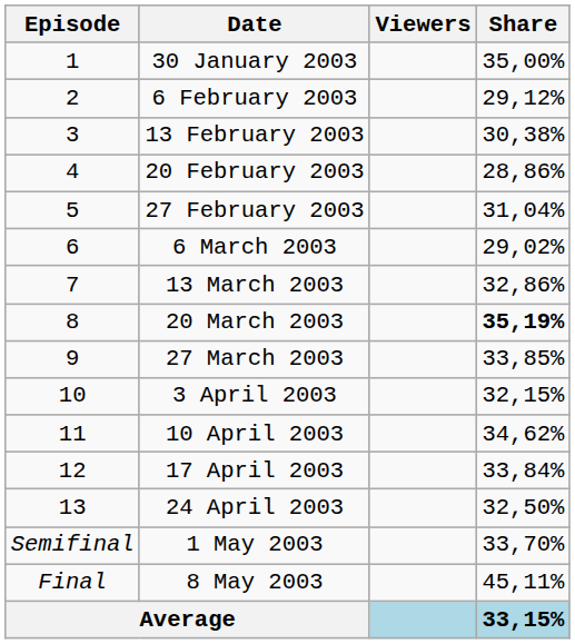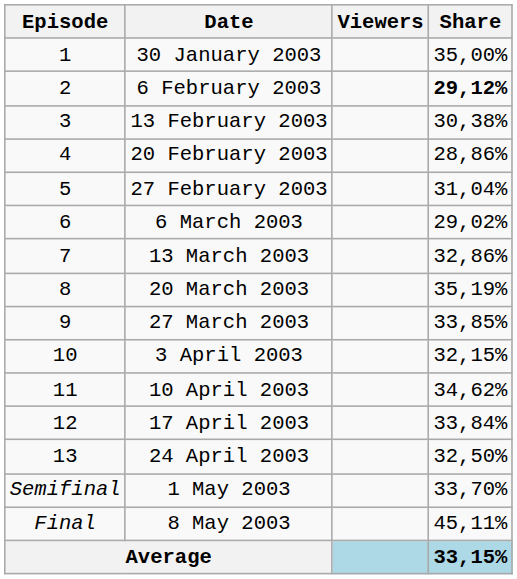 <table class="wikitable" style="text-align:center">
 <tr>
 <th>Episode</th>
 <th>Date</th>
 <th>Viewers</th>
 <th>Share</th>
 </tr>
 <tr>
 <td>1</td>
 <td>30 January 2003</td>
 <td></td>
 <td>35,00%</td>
 </tr>
 <tr>
 <td>2</td>
 <td>6 February 2003</td>
 <td></td>
-<td>29,12%</td>
+<td><strong>29,12%</strong></td>
 </tr>
 <tr>
 <td>3</td>
 <td>13 February 2003</td>
 <td></td>
 <td>30,38%</td>
 </tr>
 <tr>
 <td>4</td>
 <td>20 February 2003</td>
 <td></td>
 <td>28,86%</td>
 </tr>
 <tr>
 <td>5</td>
 <td>27 February 2003</td>
 <td></td>
 <td>31,04%</td>
 </tr>
 <tr>
 <td>6</td>
 <td>6 March 2003</td>
 <td></td>
 <td>29,02%</td>
 </tr>
 <tr>
 <td>7</td>
 <td>13 March 2003</td>
 <td></td>
 <td>32,86%</td>
 </tr>
 <tr>
 <td>8</td>
 <td>20 March 2003</td>
 <td></td>
-<td><strong>35,19%</strong></td>
+<td>35,19%</td>
 </tr>
 <tr>
 <td>9</td>
 <td>27 March 2003</td>
 <td></td>
 <td>33,85%</td>
 </tr>
 <tr>
 <td>10</td>
 <td>3 April 2003</td>
 <td></td>
 <td>32,15%</td>
 </tr>
 <tr>
 <td>11</td>
 <td>10 April 2003</td>
 <td></td>
 <td>34,62%</td>
 </tr>
 <tr>
 <td>12</td>
 <td>17 April 2003</td>
 <td></td>
 <td>33,84%</td>
 </tr>
 <tr>
 <td>13</td>
 <td>24 April 2003</td>
 <td></td>
 <td>32,50%</td>
 </tr>
 <tr>
 <td><em>Semifinal</em></td>
 <td>1 May 2003</td>
 <td></td>
 <td>33,70%</td>
 </tr>
 <tr>
 <td><em>Final</em></td>
 <td>8 May 2003</td>
 <td></td>
 <td>45,11%</td>
 </tr>
 <tr>
 <th colspan="2"><strong>Average</strong></th>
 <td bgcolor="lightblue"><strong></strong></td>
 <td bgcolor="lightblue"><strong>33,15%</strong></td>
 </tr>
 </table>
